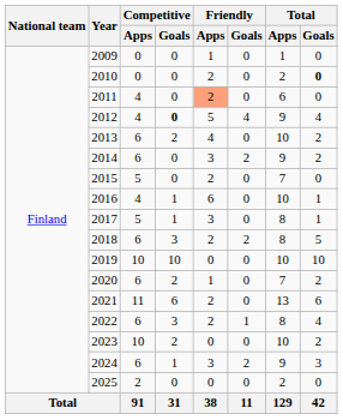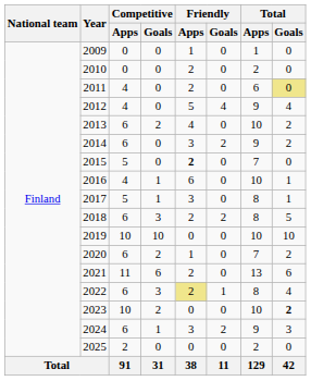 <table class="wikitable" style="text-align:center">
 <tr>
 <th rowspan="2">National team</th>
 <th rowspan="2">Year</th>
 <th colspan="2">Competitive</th>
 <th colspan="2">Friendly</th>
 <th colspan="2">Total</th>
 </tr>
 <tr>
 <th>Apps</th>
 <th>Goals</th>
 <th>Apps</th>
 <th>Goals</th>
 <th>Apps</th>
 <th>Goals</th>
 </tr>
 <tr>
 <td rowspan="17"><a href='#'>Finland</a></td>
 <td>2009</td>
 <td>0</td>
 <td>0</td>
 <td>1</td>
 <td>0</td>
 <td>1</td>
 <td>0</td>
 </tr>
 <tr>
 <td>2010</td>
 <td>0</td>
 <td>0</td>
 <td>2</td>
 <td>0</td>
 <td>2</td>
-<td><strong>0</strong></td>
+<td>0</td>
 </tr>
 <tr>
 <td>2011</td>
 <td>4</td>
 <td>0</td>
-<td style="background: lightsalmon;">2</td>
+<td>2</td>
 <td>0</td>
 <td>6</td>
-<td>0</td>
+<td style="background: khaki;">0</td>
 </tr>
 <tr>
 <td>2012</td>
 <td>4</td>
-<td><strong>0</strong></td>
+<td>0</td>
 <td>5</td>
 <td>4</td>
 <td>9</td>
 <td>4</td>
 </tr>
 <tr>
 <td>2013</td>
 <td>6</td>
 <td>2</td>
 <td>4</td>
 <td>0</td>
 <td>10</td>
 <td>2</td>
 </tr>
 <tr>
 <td>2014</td>
 <td>6</td>
 <td>0</td>
 <td>3</td>
 <td>2</td>
 <td>9</td>
 <td>2</td>
 </tr>
 <tr>
 <td>2015</td>
 <td>5</td>
 <td>0</td>
-<td>2</td>
+<td><strong>2</strong></td>
 <td>0</td>
 <td>7</td>
 <td>0</td>
 </tr>
 <tr>
 <td>2016</td>
 <td>4</td>
 <td>1</td>
 <td>6</td>
 <td>0</td>
 <td>10</td>
 <td>1</td>
 </tr>
 <tr>
 <td>2017</td>
 <td>5</td>
 <td>1</td>
 <td>3</td>
 <td>0</td>
 <td>8</td>
 <td>1</td>
 </tr>
 <tr>
 <td>2018</td>
 <td>6</td>
 <td>3</td>
 <td>2</td>
 <td>2</td>
 <td>8</td>
 <td>5</td>
 </tr>
 <tr>
 <td>2019</td>
 <td>10</td>
 <td>10</td>
 <td>0</td>
 <td>0</td>
 <td>10</td>
 <td>10</td>
 </tr>
 <tr>
 <td>2020</td>
 <td>6</td>
 <td>2</td>
 <td>1</td>
 <td>0</td>
 <td>7</td>
 <td>2</td>
 </tr>
 <tr>
 <td>2021</td>
 <td>11</td>
 <td>6</td>
 <td>2</td>
 <td>0</td>
 <td>13</td>
 <td>6</td>
 </tr>
 <tr>
 <td>2022</td>
 <td>6</td>
 <td>3</td>
-<td>2</td>
+<td style="background: khaki;">2</td>
 <td>1</td>
 <td>8</td>
 <td>4</td>
 </tr>
 <tr>
 <td>2023</td>
 <td>10</td>
 <td>2</td>
 <td>0</td>
 <td>0</td>
 <td>10</td>
-<td>2</td>
+<td><strong>2</strong></td>
 </tr>
 <tr>
 <td>2024</td>
 <td>6</td>
 <td>1</td>
 <td>3</td>
 <td>2</td>
 <td>9</td>
 <td>3</td>
 </tr>
 <tr>
 <td>2025</td>
 <td>2</td>
 <td>0</td>
 <td>0</td>
 <td>0</td>
 <td>2</td>
 <td>0</td>
 </tr>
 <tr>
 <th colspan="2">Total</th>
 <th>91</th>
 <th>31</th>
 <th>38</th>
 <th>11</th>
 <th>129</th>
 <th>42</th>
 </tr>
 </table>
